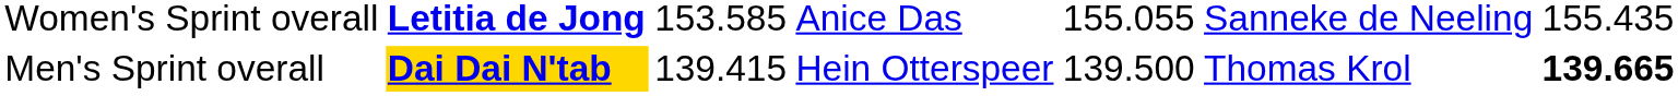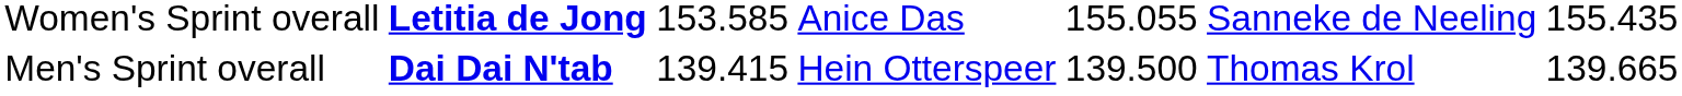 <table>
 <tr>
 <td>Women's Sprint overall</td>
 <td><strong><a href='#'>Letitia de Jong</a></strong></td>
 <td>153.585</td>
 <td><a href='#'>Anice Das</a></td>
 <td>155.055</td>
 <td><a href='#'>Sanneke de Neeling</a></td>
 <td>155.435</td>
 </tr>
 <tr>
 <td>Men's Sprint overall</td>
-<td style="background: gold;"><strong><a href='#'>Dai Dai N'tab</a></strong></td>
+<td><strong><a href='#'>Dai Dai N'tab</a></strong></td>
 <td>139.415</td>
 <td><a href='#'>Hein Otterspeer</a></td>
 <td>139.500</td>
 <td><a href='#'>Thomas Krol</a></td>
-<td><strong>139.665</strong></td>
+<td>139.665</td>
 </tr>
 </table>
